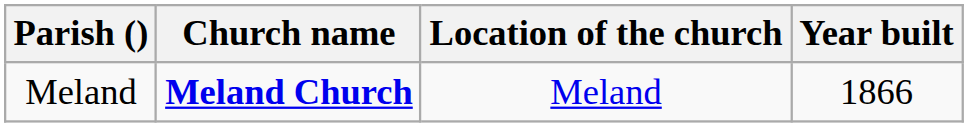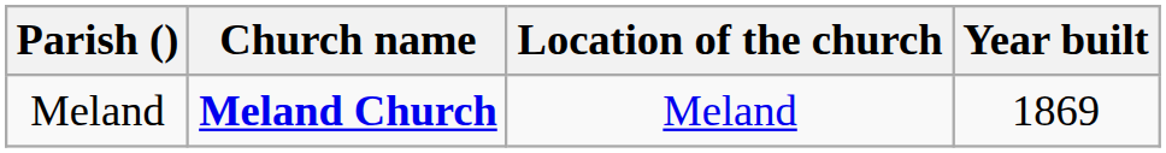 <table class="wikitable" style="text-align:center">
 <tr>
 <th>Parish ()</th>
 <th>Church name</th>
 <th>Location of the church</th>
 <th>Year built</th>
 </tr>
 <tr>
 <td>Meland</td>
 <td><strong><a href='#'>Meland Church</a></strong></td>
 <td><a href='#'>Meland</a></td>
-<td>1866</td>
+<td>1869</td>
 </tr>
 </table>
